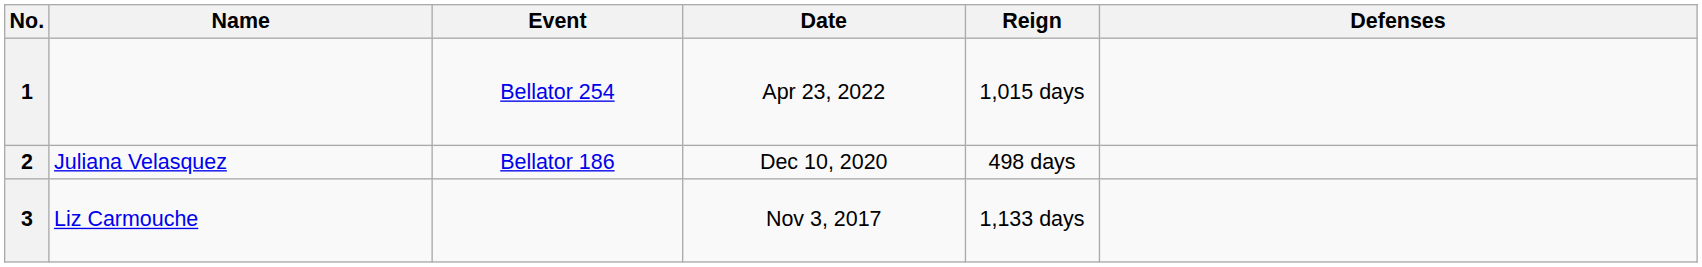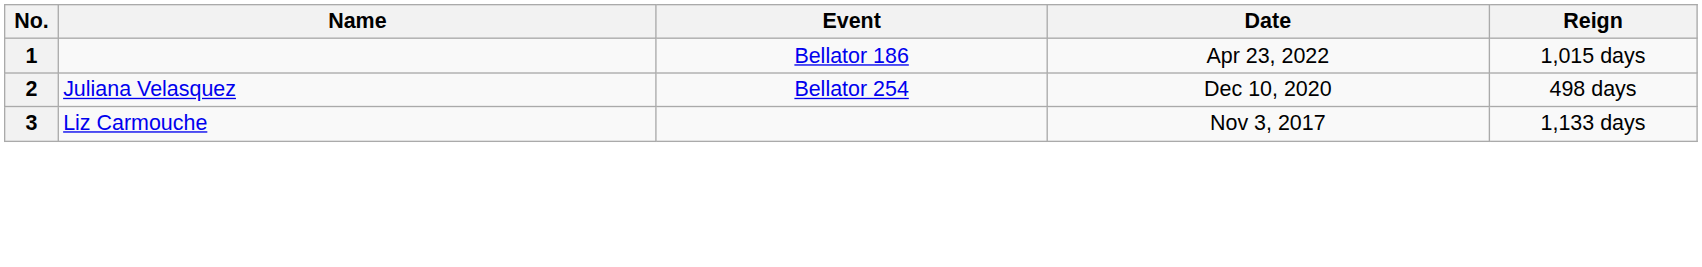 <table class="wikitable" width=100% style="text-align: center;">
 <tr>
 <th width=1%>No.</th>
 <th width=23%>Name</th>
 <th width=15%>Event</th>
 <th width=17%>Date</th>
 <th width=8%>Reign</th>
-<th width=36%>Defenses</th>
 </tr>
 <tr>
 <th>1</th>
 <td align=left><br></td>
-<td><a href='#'>Bellator 254</a><br></td>
+<td><a href='#'>Bellator 186</a><br></td>
 <td>Apr 23, 2022</td>
 <td>1,015 days</td>
-<td align=left><br><br> <br> <br> </td>
 </tr>
 <tr>
 <th>2</th>
 <td align=left> <a href='#'>Juliana Velasquez</a></td>
-<td><a href='#'>Bellator 186</a><br></td>
+<td><a href='#'>Bellator 254</a><br></td>
 <td>Dec 10, 2020</td>
 <td>498 days</td>
-<td align=left><br></td>
 </tr>
 <tr>
 <th>3</th>
 <td align=left> <a href='#'>Liz Carmouche</a></td>
 <td><br></td>
 <td>Nov 3, 2017</td>
 <td>1,133 days</td>
-<td align=left><br><br> <br> </td>
 </tr>
 </table>
